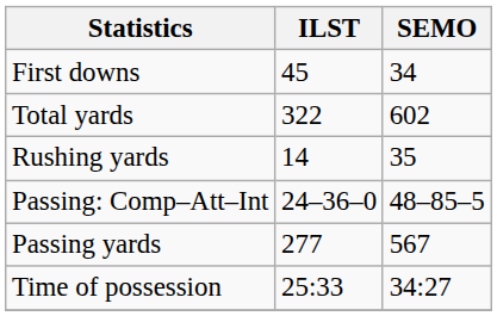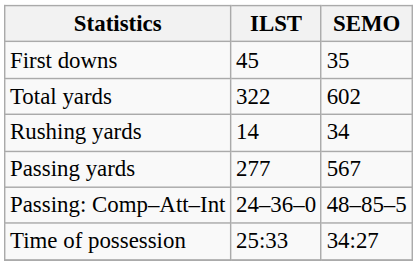 <table class="wikitable" style="float: left;">
 <tr>
 <th>Statistics</th>
 <th>ILST</th>
 <th>SEMO</th>
 </tr>
 <tr>
 <td>First downs</td>
 <td>45</td>
-<td>34</td>
+<td>35</td>
 </tr>
 <tr>
 <td>Total yards</td>
 <td>322</td>
 <td>602</td>
 </tr>
 <tr>
 <td>Rushing yards</td>
 <td>14</td>
-<td>35</td>
+<td>34</td>
+</tr>
+<tr>
+<td>Passing yards</td>
+<td>277</td>
+<td>567</td>
 </tr>
 <tr>
 <td>Passing: Comp–Att–Int</td>
 <td>24–36–0</td>
 <td>48–85–5</td>
-</tr>
-<tr>
-<td>Passing yards</td>
-<td>277</td>
-<td>567</td>
 </tr>
 <tr>
 <td>Time of possession</td>
 <td>25:33</td>
 <td>34:27</td>
 </tr>
 <tr>
 </tr>
 </table>
